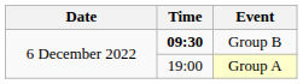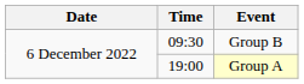 <table class = "wikitable" style="text-align:center;">
 <tr>
 <th width=150>Date</th>
 <th width=50>Time</th>
 <th width=80>Event</th>
 </tr>
 <tr>
 <td rowspan=2>6 December 2022</td>
-<td><strong>09:30</strong></td>
+<td>09:30</td>
 <td>Group B</td>
 </tr>
 <tr>
 <td>19:00</td>
 <td bgcolor=ffffcc>Group A</td>
 </tr>
 </table>
